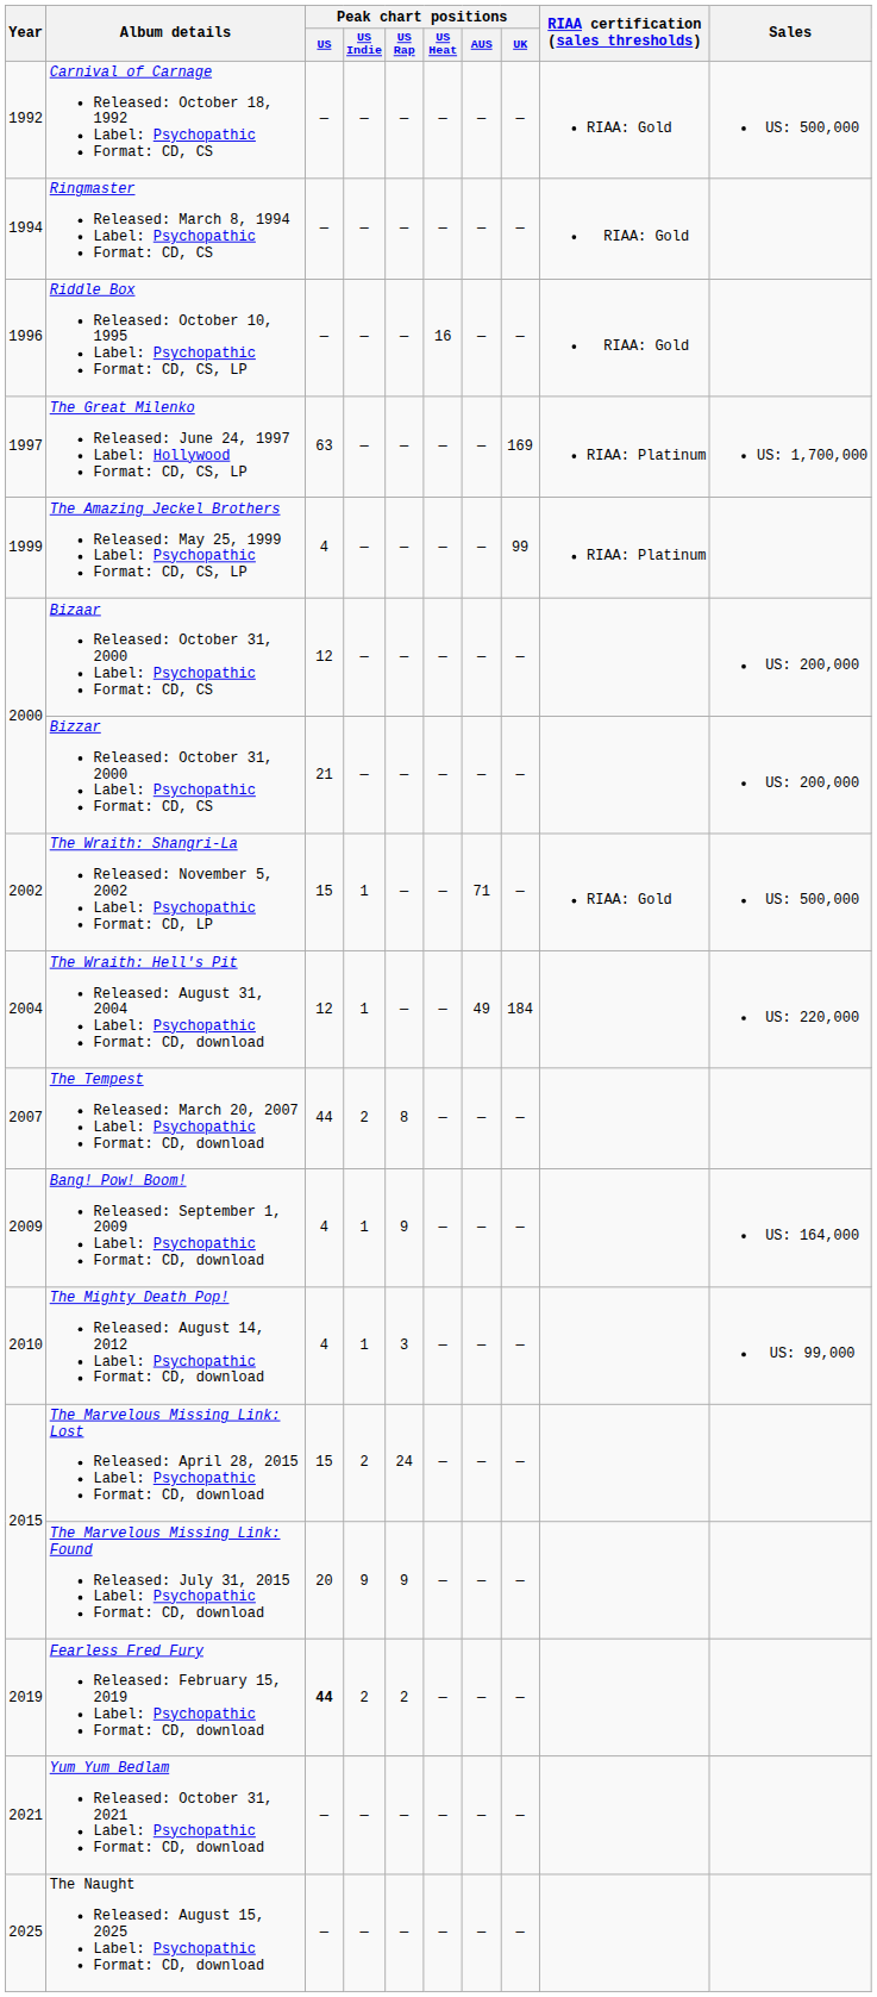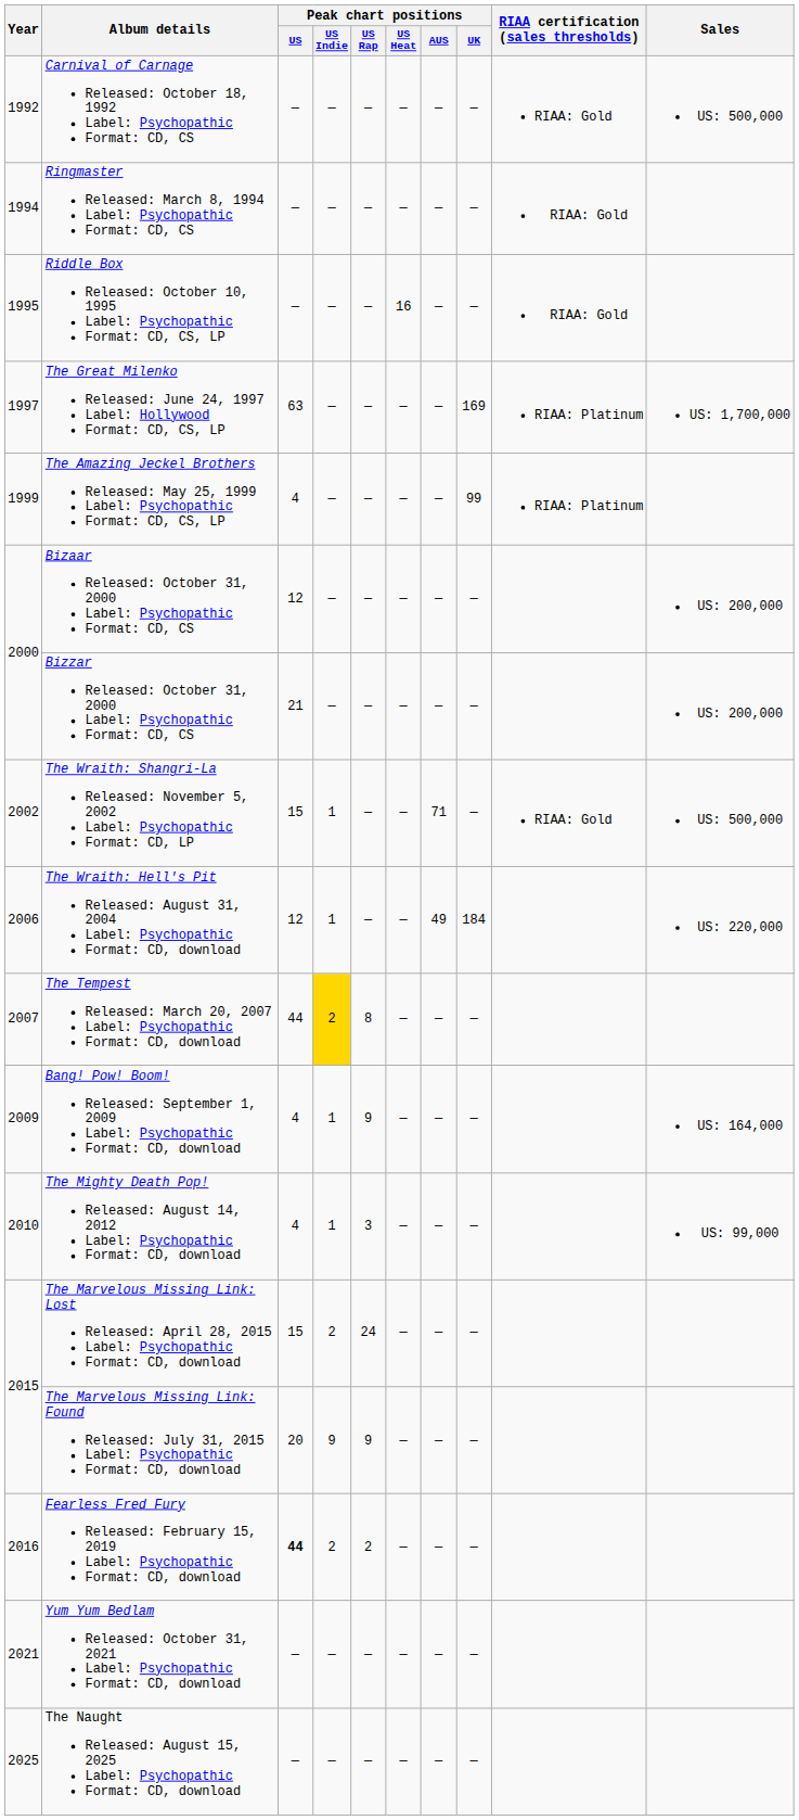 <table class="wikitable" style="text-align:center">
 <tr>
 <th rowspan="2">Year</th>
 <th rowspan="2" width="230">Album details</th>
 <th colspan="6">Peak chart positions</th>
 <th rowspan="2"><a href='#'>RIAA</a> certification<br>(<a href='#'>sales thresholds</a>)</th>
 <th rowspan="2">Sales</th>
 </tr>
 <tr style="font-size:smaller;">
 <th width="30"><a href='#'>US</a><br></th>
 <th width="30"><a href='#'>US Indie</a><br></th>
 <th width="30"><a href='#'>US Rap</a><br></th>
 <th width="30"><a href='#'>US Heat</a><br></th>
 <th width="30"><a href='#'>AUS</a><br></th>
 <th width="30"><a href='#'>UK</a><br></th>
 </tr>
 <tr>
 <td>1992</td>
 <td style="text-align:left"><em><a href='#'>Carnival of Carnage</a></em><br><ul><li>Released: October 18, 1992</li><li>Label: <a href='#'>Psychopathic</a></li><li>Format: CD, CS</li></ul></td>
 <td>—</td>
 <td>—</td>
 <td>—</td>
 <td>—</td>
 <td>—</td>
 <td>—</td>
 <td style="text-align:left"><br><ul><li>RIAA: Gold</li></ul></td>
 <td><br><ul><li>US: 500,000</li></ul></td>
 </tr>
 <tr>
 <td>1994</td>
 <td style="text-align:left"><em><a href='#'>Ringmaster</a></em><br><ul><li>Released: March 8, 1994</li><li>Label: <a href='#'>Psychopathic</a></li><li>Format: CD, CS</li></ul></td>
 <td>—</td>
 <td>—</td>
 <td>—</td>
 <td>—</td>
 <td>—</td>
 <td>—</td>
 <td><br><ul><li>RIAA: Gold</li></ul></td>
 <td></td>
 </tr>
 <tr>
-<td>1996</td>
+<td>1995</td>
 <td style="text-align:left"><em><a href='#'>Riddle Box</a></em><br><ul><li>Released: October 10, 1995</li><li>Label: <a href='#'>Psychopathic</a></li><li>Format: CD, CS, LP</li></ul></td>
 <td>—</td>
 <td>—</td>
 <td>—</td>
 <td>16</td>
 <td>—</td>
 <td>—</td>
 <td><br><ul><li>RIAA: Gold</li></ul></td>
 <td></td>
 </tr>
 <tr>
 <td>1997</td>
 <td style="text-align:left"><em><a href='#'>The Great Milenko</a></em><br><ul><li>Released: June 24, 1997</li><li>Label: <a href='#'>Hollywood</a></li><li>Format: CD, CS, LP</li></ul></td>
 <td>63</td>
 <td>—</td>
 <td>—</td>
 <td>—</td>
 <td>—</td>
 <td>169</td>
 <td><br><ul><li>RIAA: Platinum</li></ul></td>
 <td><br><ul><li>US: 1,700,000</li></ul></td>
 </tr>
 <tr>
 <td>1999</td>
 <td style="text-align:left"><em><a href='#'>The Amazing Jeckel Brothers</a></em><br><ul><li>Released: May 25, 1999</li><li>Label: <a href='#'>Psychopathic</a></li><li>Format: CD, CS, LP</li></ul></td>
 <td>4</td>
 <td>—</td>
 <td>—</td>
 <td>—</td>
 <td>—</td>
 <td>99</td>
 <td><br><ul><li>RIAA: Platinum</li></ul></td>
 <td></td>
 </tr>
 <tr>
 <td rowspan="2">2000</td>
 <td style="text-align:left"><em><a href='#'>Bizaar</a></em><br><ul><li>Released: October 31, 2000</li><li>Label: <a href='#'>Psychopathic</a></li><li>Format: CD, CS</li></ul></td>
 <td>12</td>
 <td>—</td>
 <td>—</td>
 <td>—</td>
 <td>—</td>
 <td>—</td>
 <td style="text-align:left"></td>
 <td><br><ul><li>US: 200,000</li></ul></td>
 </tr>
 <tr>
 <td style="text-align:left"><em><a href='#'>Bizzar</a></em><br><ul><li>Released: October 31, 2000</li><li>Label: <a href='#'>Psychopathic</a></li><li>Format: CD, CS</li></ul></td>
 <td>21</td>
 <td>—</td>
 <td>—</td>
 <td>—</td>
 <td>—</td>
 <td>—</td>
 <td style="text-align:left"></td>
 <td><br><ul><li>US: 200,000</li></ul></td>
 </tr>
 <tr>
 <td>2002</td>
 <td style="text-align:left"><em><a href='#'>The Wraith: Shangri-La</a></em><br><ul><li>Released: November 5, 2002</li><li>Label: <a href='#'>Psychopathic</a></li><li>Format: CD, LP</li></ul></td>
 <td>15</td>
 <td>1</td>
 <td>—</td>
 <td>—</td>
 <td>71</td>
 <td>—</td>
 <td style="text-align:left"><br><ul><li>RIAA: Gold</li></ul></td>
 <td><br><ul><li>US: 500,000</li></ul></td>
 </tr>
 <tr>
-<td>2004</td>
+<td>2006</td>
 <td style="text-align:left"><em><a href='#'>The Wraith: Hell's Pit</a></em><br><ul><li>Released: August 31, 2004</li><li>Label: <a href='#'>Psychopathic</a></li><li>Format: CD, download</li></ul></td>
 <td>12</td>
 <td>1</td>
 <td>—</td>
 <td>—</td>
 <td>49</td>
 <td>184</td>
 <td style="text-align:left"></td>
 <td><br><ul><li>US: 220,000</li></ul></td>
 </tr>
 <tr>
 <td>2007</td>
 <td style="text-align:left"><em><a href='#'>The Tempest</a></em><br><ul><li>Released: March 20, 2007</li><li>Label: <a href='#'>Psychopathic</a></li><li>Format: CD, download</li></ul></td>
 <td>44</td>
-<td>2</td>
+<td style="background: gold;">2</td>
 <td>8</td>
 <td>—</td>
 <td>—</td>
 <td>—</td>
 <td style="text-align:left"></td>
 <td></td>
 </tr>
 <tr>
 <td>2009</td>
 <td style="text-align:left"><em><a href='#'>Bang! Pow! Boom!</a></em><br><ul><li>Released: September 1, 2009</li><li>Label: <a href='#'>Psychopathic</a></li><li>Format: CD, download</li></ul></td>
 <td>4</td>
 <td>1</td>
 <td>9</td>
 <td>—</td>
 <td>—</td>
 <td>—</td>
 <td style="text-align:left"></td>
 <td><br><ul><li>US: 164,000</li></ul></td>
 </tr>
 <tr>
 <td>2010</td>
 <td style="text-align:left"><em><a href='#'>The Mighty Death Pop!</a></em><br><ul><li>Released: August 14, 2012</li><li>Label: <a href='#'>Psychopathic</a></li><li>Format: CD, download</li></ul></td>
 <td>4</td>
 <td>1</td>
 <td>3</td>
 <td>—</td>
 <td>—</td>
 <td>—</td>
 <td></td>
 <td><br><ul><li>US: 99,000</li></ul></td>
 </tr>
 <tr>
 <td rowspan="2">2015</td>
 <td style="text-align:left"><em><a href='#'>The Marvelous Missing Link: Lost</a></em><br><ul><li>Released: April 28, 2015</li><li>Label: <a href='#'>Psychopathic</a></li><li>Format: CD, download</li></ul></td>
 <td>15</td>
 <td>2</td>
 <td>24</td>
 <td>—</td>
 <td>—</td>
 <td>—</td>
 <td></td>
 <td></td>
 </tr>
 <tr>
 <td style="text-align:left"><em><a href='#'>The Marvelous Missing Link: Found</a></em><br><ul><li>Released: July 31, 2015</li><li>Label: <a href='#'>Psychopathic</a></li><li>Format: CD, download</li></ul></td>
 <td>20</td>
 <td>9</td>
 <td>9</td>
 <td>—</td>
 <td>—</td>
 <td>—</td>
 <td></td>
 <td></td>
 </tr>
 <tr>
-<td>2019</td>
+<td>2016</td>
 <td style="text-align:left"><em><a href='#'>Fearless Fred Fury</a></em><br><ul><li>Released: February 15, 2019</li><li>Label: <a href='#'>Psychopathic</a></li><li>Format: CD, download</li></ul></td>
 <td><strong>44</strong></td>
 <td>2</td>
 <td>2</td>
 <td>—</td>
 <td>—</td>
 <td>—</td>
 <td></td>
 <td></td>
 </tr>
 <tr>
 <td>2021</td>
 <td style="text-align:left"><em><a href='#'>Yum Yum Bedlam</a></em><br><ul><li>Released: October 31, 2021</li><li>Label: <a href='#'>Psychopathic</a></li><li>Format: CD, download</li></ul></td>
 <td>—</td>
 <td>—</td>
 <td>—</td>
 <td>—</td>
 <td>—</td>
 <td>—</td>
 <td></td>
 <td></td>
 </tr>
 <tr>
 <td>2025</td>
 <td style="text-align:left">The Naught<br><ul><li>Released: August 15, 2025</li><li>Label: <a href='#'>Psychopathic</a></li><li>Format: CD, download</li></ul></td>
 <td>—</td>
 <td>—</td>
 <td>—</td>
 <td>—</td>
 <td>—</td>
 <td>—</td>
 <td></td>
 <td></td>
 </tr>
 </table>
